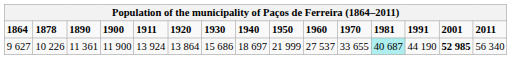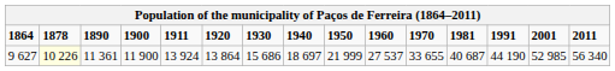 <table class="wikitable">
 <tr>
 <th colspan="15">Population of the municipality of Paços de Ferreira (1864–2011)</th>
 </tr>
 <tr>
 <td><strong>1864</strong></td>
 <td><strong>1878</strong></td>
 <td><strong>1890</strong></td>
 <td><strong>1900</strong></td>
 <td><strong>1911</strong></td>
 <td><strong>1920</strong></td>
 <td><strong>1930</strong></td>
 <td><strong>1940</strong></td>
 <td><strong>1950</strong></td>
 <td><strong>1960</strong></td>
 <td><strong>1970</strong></td>
 <td><strong>1981</strong></td>
 <td><strong>1991</strong></td>
 <td><strong>2001</strong></td>
 <td><strong>2011</strong></td>
 </tr>
 <tr>
 <td>9 627</td>
-<td>10 226</td>
+<td style="background: lightyellow;">10 226</td>
 <td>11 361</td>
 <td>11 900</td>
 <td>13 924</td>
 <td>13 864</td>
 <td>15 686</td>
 <td>18 697</td>
 <td>21 999</td>
 <td>27 537</td>
 <td>33 655</td>
-<td style="background: paleturquoise;">40 687</td>
+<td>40 687</td>
 <td>44 190</td>
-<td><strong>52 985</strong></td>
+<td>52 985</td>
 <td>56 340</td>
 </tr>
 </table>
